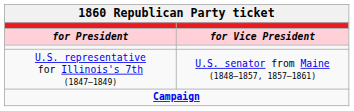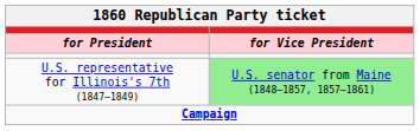 <table class="wikitable" style="font-size:90%; text-align:center;">
 <tr>
 <th style="background:#f1f1f1;" colspan="30"><big>1860 Republican Party ticket</big></th>
 </tr>
 <tr>
 <th style="width:3em; font-size:135%; background:#E81B23; width:200px;"><a href='#'></a></th>
 <th style="width:3em; font-size:135%; background:#E81B23; width:200px;"><a href='#'></a></th>
 </tr>
 <tr style="color:#000; font-size:100%; background:#FFD0D7;">
 <td style="width:3em; width:200px;"><strong><em>for President</em></strong></td>
 <td style="width:3em; width:200px;"><strong><em>for Vice President</em></strong></td>
 </tr>
 <tr>
 <td></td>
 <td></td>
 </tr>
 <tr>
 <td><a href='#'>U.S. representative</a><br>for <a href='#'>Illinois's 7th</a><br><small>(1847–1849)</small></td>
-<td><a href='#'>U.S. senator</a> from <a href='#'>Maine</a><br><small>(1848–1857, 1857–1861)</small></td>
+<td style="background: lightgreen;"><a href='#'>U.S. senator</a> from <a href='#'>Maine</a><br><small>(1848–1857, 1857–1861)</small></td>
 </tr>
 <tr>
 <td colspan="2"><a href='#'><strong>Campaign</strong></a></td>
 </tr>
 </table>
